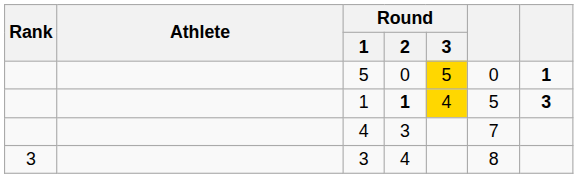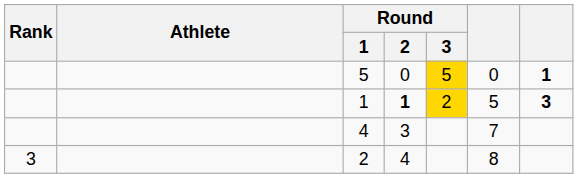 <table class="wikitable" style="text-align: center;">
 <tr>
 <th rowspan="2" width=40>Rank</th>
 <th rowspan="2" width=250>Athlete</th>
 <th colspan="3">Round</th>
 <th rowspan="2" width=40></th>
 <th rowspan="2" width=40></th>
 </tr>
 <tr>
 <th width=30>1</th>
 <th width=30>2</th>
 <th width=30>3</th>
 </tr>
 <tr>
 <td></td>
 <td align="left"></td>
 <td>5</td>
 <td>0</td>
 <td bgcolor=gold>5</td>
 <td>0</td>
 <td><strong>1</strong></td>
 </tr>
 <tr>
 <td></td>
 <td align="left"></td>
 <td>1</td>
 <td><strong>1</strong></td>
-<td bgcolor=gold>4</td>
+<td bgcolor=gold>2</td>
 <td>5</td>
 <td><strong>3</strong></td>
 </tr>
 <tr>
 <td></td>
 <td align="left"></td>
 <td>4</td>
 <td>3</td>
 <td></td>
 <td>7</td>
 <td></td>
 </tr>
 <tr>
 <td>3</td>
 <td align="left"></td>
-<td>3</td>
+<td>2</td>
 <td>4</td>
 <td></td>
 <td>8</td>
 <td></td>
 </tr>
 </table>
